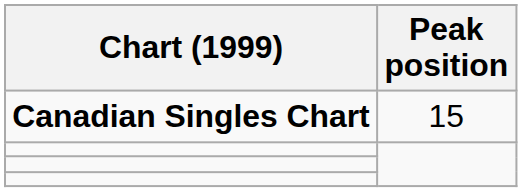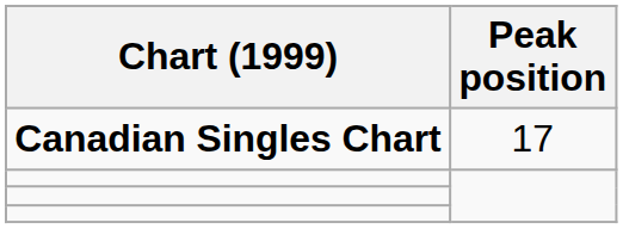 <table class="wikitable sortable">
 <tr>
 <th scope=row>Chart (1999)</th>
 <th scope=row>Peak<br>position</th>
 </tr>
 <tr>
 <td align="left"><strong>Canadian Singles Chart</strong></td>
-<td align="center">15</td>
+<td align="center">17</td>
 </tr>
 <tr>
 <td></td>
 </tr>
 <tr>
 <td></td>
 </tr>
 <tr>
 <td></td>
 </tr>
 </table>
